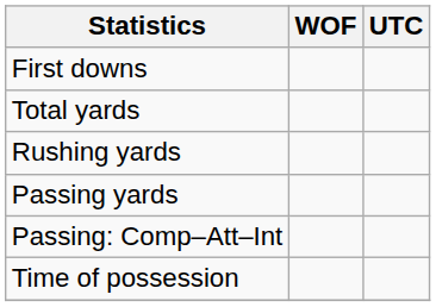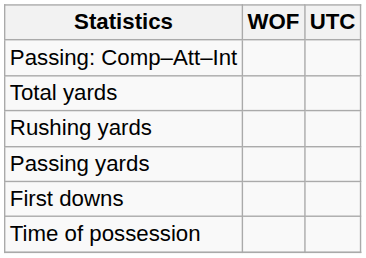 <table class="wikitable" style="float: left;">
 <tr>
 <th>Statistics</th>
 <th>WOF</th>
 <th>UTC</th>
 </tr>
 <tr>
-<td>First downs</td>
+<td>Passing: Comp–Att–Int</td>
 <td></td>
 <td></td>
 </tr>
 <tr>
 <td>Total yards</td>
 <td></td>
 <td></td>
 </tr>
 <tr>
 <td>Rushing yards</td>
 <td></td>
 <td></td>
 </tr>
 <tr>
 <td>Passing yards</td>
 <td></td>
 <td></td>
 </tr>
 <tr>
-<td>Passing: Comp–Att–Int</td>
+<td>First downs</td>
 <td></td>
 <td></td>
 </tr>
 <tr>
 <td>Time of possession</td>
 <td></td>
 <td></td>
 </tr>
 <tr>
 </tr>
 </table>
